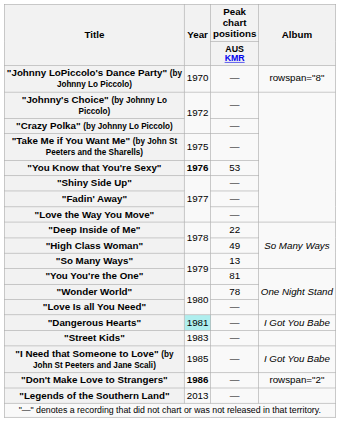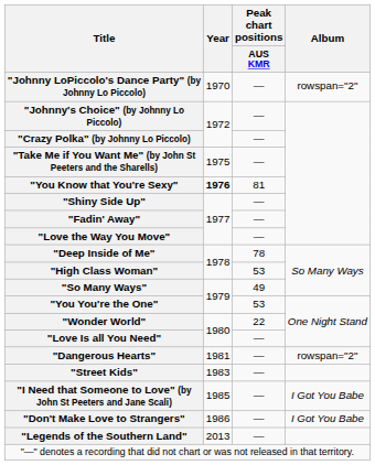 <table class="wikitable plainrowheaders" style="text-align:center;" border="1">
 <tr>
 <th scope="col" rowspan="2" style="width:18em;">Title</th>
 <th scope="col" rowspan="2">Year</th>
 <th scope="col" colspan="1">Peak chart positions</th>
 <th scope="col" rowspan="2">Album</th>
 </tr>
 <tr>
 <th scope="col" style="width:3em;font-size:90%;">AUS<br><a href='#'>KMR</a><br></th>
 </tr>
 <tr>
 <th scope="row">"Johnny LoPiccolo's Dance Party" <small>(by Johnny Lo Piccolo)</small></th>
 <td>1970</td>
 <td>—</td>
-<td>rowspan="8" </td>
+<td>rowspan="2" </td>
 </tr>
 <tr>
 <th scope="row">"Johnny's Choice" <small>(by Johnny Lo Piccolo)</small></th>
 <td rowspan="2">1972</td>
 <td>—</td>
 </tr>
 <tr>
 <th scope="row">"Crazy Polka" <small>(by Johnny Lo Piccolo)</small></th>
 <td>—</td>
 </tr>
 <tr>
 <th scope="row">"Take Me if You Want Me" <small>(by John St Peeters and the Sharells)</small></th>
 <td>1975</td>
 <td>—</td>
 </tr>
 <tr>
 <th scope="row">"You Know that You're Sexy"</th>
 <td><strong>1976</strong></td>
-<td>53</td>
+<td>81</td>
 </tr>
 <tr>
 <th scope="row">"Shiny Side Up"</th>
 <td rowspan="3">1977</td>
 <td>—</td>
 </tr>
 <tr>
 <th scope="row">"Fadin' Away"</th>
 <td>—</td>
 </tr>
 <tr>
 <th scope="row">"Love the Way You Move"</th>
 <td>—</td>
 </tr>
 <tr>
 <th scope="row">"Deep Inside of Me"</th>
 <td rowspan="2">1978</td>
-<td>22</td>
+<td>78</td>
 <td rowspan="3"><em>So Many Ways</em></td>
 </tr>
 <tr>
 <th scope="row">"High Class Woman"</th>
-<td>49</td>
+<td>53</td>
 </tr>
 <tr>
 <th scope="row">"So Many Ways"</th>
 <td rowspan="2">1979</td>
-<td>13</td>
+<td>49</td>
 </tr>
 <tr>
 <th scope="row">"You You're the One"</th>
-<td>81</td>
+<td>53</td>
 <td rowspan="3"><em>One Night Stand</em></td>
 </tr>
 <tr>
 <th scope="row">"Wonder World"</th>
 <td rowspan="2">1980</td>
-<td>78</td>
+<td>22</td>
 </tr>
 <tr>
 <th scope="row">"Love Is all You Need"</th>
 <td>—</td>
 </tr>
 <tr>
 <th scope="row">"Dangerous Hearts"</th>
-<td style="background: paleturquoise;">1981</td>
+<td>1981</td>
 <td>—</td>
-<td><em>I Got You Babe</em></td>
+<td>rowspan="2" </td>
 </tr>
 <tr>
 <th scope="row">"Street Kids"</th>
 <td>1983</td>
 <td>—</td>
 </tr>
 <tr>
 <th scope="row">"I Need that Someone to Love" <small>(by John St Peeters and Jane Scali)</small></th>
 <td>1985</td>
 <td>—</td>
 <td><em>I Got You Babe</em></td>
 </tr>
 <tr>
 <th scope="row">"Don't Make Love to Strangers"</th>
-<td><strong>1986</strong></td>
+<td>1986</td>
 <td>—</td>
-<td>rowspan="2" </td>
+<td><em>I Got You Babe</em></td>
 </tr>
 <tr>
 <th scope="row">"Legends of the Southern Land"<br></th>
 <td>2013</td>
 <td>—</td>
 </tr>
 <tr>
 <td colspan="4" style="font-size:90%">"—" denotes a recording that did not chart or was not released in that territory.</td>
 </tr>
 </table>
